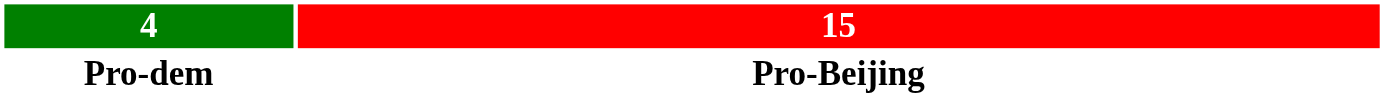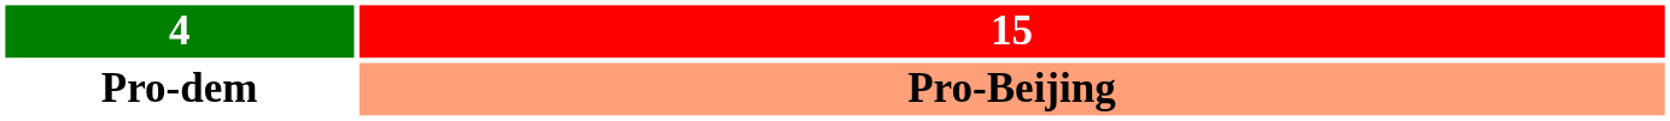 <table style="width:50%; text-align:center;">
 <tr style="color:white;">
 <td style="background:green; width:21.05%;"><strong>4</strong></td>
 <td style="background:red; width:78.95%;"><strong>15</strong></td>
 </tr>
 <tr>
 <td><span><strong>Pro-dem</strong></span></td>
-<td><span><strong>Pro-Beijing</strong></span></td>
+<td style="background: lightsalmon;"><span><strong>Pro-Beijing</strong></span></td>
 </tr>
 </table>
